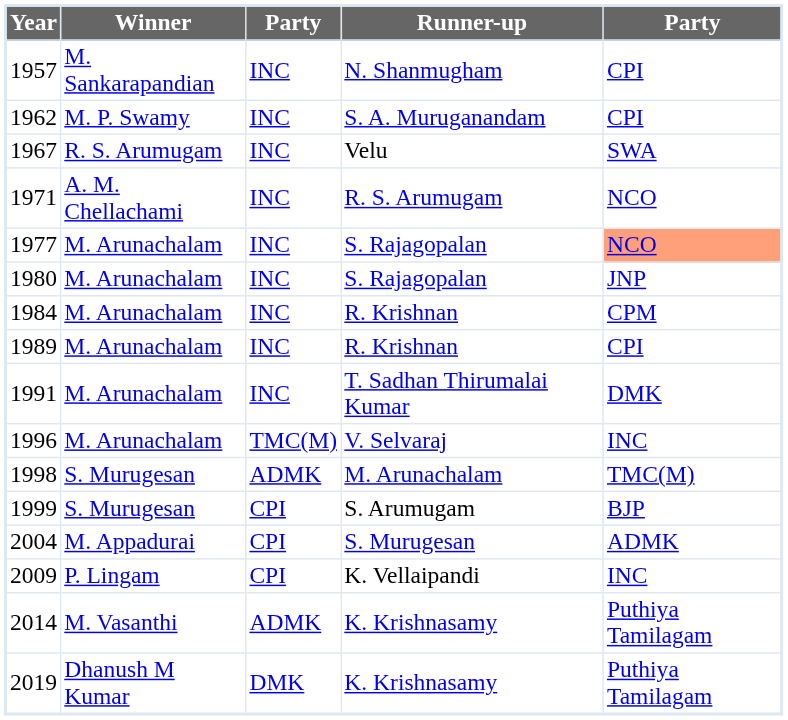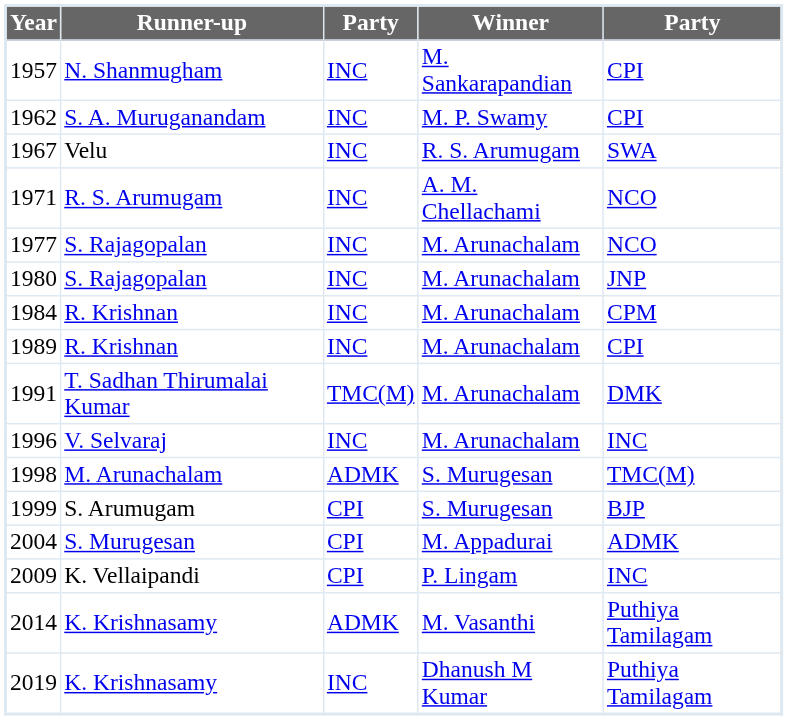 <table width="60%" cellpadding="2" cellspacing="0" border="1" style="border-collapse: collapse; border: 2px #DEE8F1 solid; font-size: x-big; font-family: verdana">
 <tr>
 <th style="background-color:#666666; color:white">Year</th>
+<th style="background-color:#666666; color:white">Runner-up</th>
+<th style="background-color:#666666; color:white">Party</th>
 <th style="background-color:#666666; color:white">Winner</th>
-<th style="background-color:#666666; color:white">Party</th>
-<th style="background-color:#666666; color:white">Runner-up</th>
 <th style="background-color:#666666; color:white">Party</th>
 </tr>
 <tr --->
 <td>1957</td>
+<td><a href='#'>N. Shanmugham</a></td>
+<td><a href='#'>INC</a></td>
 <td><a href='#'>M. Sankarapandian</a></td>
-<td><a href='#'>INC</a></td>
-<td><a href='#'>N. Shanmugham</a></td>
 <td><a href='#'>CPI</a></td>
 </tr>
 <tr --->
 <td>1962</td>
+<td><a href='#'>S. A. Muruganandam</a></td>
+<td><a href='#'>INC</a></td>
 <td><a href='#'>M. P. Swamy</a></td>
-<td><a href='#'>INC</a></td>
-<td><a href='#'>S. A. Muruganandam</a></td>
 <td><a href='#'>CPI</a></td>
 </tr>
 <tr --->
 <td>1967</td>
+<td>Velu</td>
+<td><a href='#'>INC</a></td>
 <td><a href='#'>R. S. Arumugam</a></td>
-<td><a href='#'>INC</a></td>
-<td>Velu</td>
 <td><a href='#'>SWA</a></td>
 </tr>
 <tr --->
 <td>1971</td>
+<td><a href='#'>R. S. Arumugam</a></td>
+<td><a href='#'>INC</a></td>
 <td><a href='#'>A. M. Chellachami</a></td>
-<td><a href='#'>INC</a></td>
-<td><a href='#'>R. S. Arumugam</a></td>
 <td><a href='#'>NCO</a></td>
 </tr>
 <tr --->
 <td>1977</td>
+<td><a href='#'>S. Rajagopalan</a></td>
+<td><a href='#'>INC</a></td>
 <td><a href='#'>M. Arunachalam</a></td>
-<td><a href='#'>INC</a></td>
-<td><a href='#'>S. Rajagopalan</a></td>
-<td style="background: lightsalmon;"><a href='#'>NCO</a></td>
+<td><a href='#'>NCO</a></td>
 </tr>
 <tr --->
 <td>1980</td>
+<td><a href='#'>S. Rajagopalan</a></td>
+<td><a href='#'>INC</a></td>
 <td><a href='#'>M. Arunachalam</a></td>
-<td><a href='#'>INC</a></td>
-<td><a href='#'>S. Rajagopalan</a></td>
 <td><a href='#'>JNP</a></td>
 </tr>
 <tr --->
 <td>1984</td>
+<td><a href='#'>R. Krishnan</a></td>
+<td><a href='#'>INC</a></td>
 <td><a href='#'>M. Arunachalam</a></td>
-<td><a href='#'>INC</a></td>
-<td><a href='#'>R. Krishnan</a></td>
 <td><a href='#'>CPM</a></td>
 </tr>
 <tr --->
 <td>1989</td>
+<td><a href='#'>R. Krishnan</a></td>
+<td><a href='#'>INC</a></td>
 <td><a href='#'>M. Arunachalam</a></td>
-<td><a href='#'>INC</a></td>
-<td><a href='#'>R. Krishnan</a></td>
 <td><a href='#'>CPI</a></td>
 </tr>
 <tr --->
 <td>1991</td>
+<td><a href='#'>T. Sadhan Thirumalai Kumar</a></td>
+<td><a href='#'>TMC(M)</a></td>
 <td><a href='#'>M. Arunachalam</a></td>
-<td><a href='#'>INC</a></td>
-<td><a href='#'>T. Sadhan Thirumalai Kumar</a></td>
 <td><a href='#'>DMK</a></td>
 </tr>
 <tr --->
 <td>1996</td>
+<td><a href='#'>V. Selvaraj</a></td>
+<td><a href='#'>INC</a></td>
 <td><a href='#'>M. Arunachalam</a></td>
-<td><a href='#'>TMC(M)</a></td>
-<td><a href='#'>V. Selvaraj</a></td>
 <td><a href='#'>INC</a></td>
 </tr>
 <tr --->
 <td>1998</td>
+<td><a href='#'>M. Arunachalam</a></td>
+<td><a href='#'>ADMK</a></td>
 <td><a href='#'>S. Murugesan</a></td>
-<td><a href='#'>ADMK</a></td>
-<td><a href='#'>M. Arunachalam</a></td>
 <td><a href='#'>TMC(M)</a></td>
 </tr>
 <tr --->
 <td>1999</td>
+<td>S. Arumugam</td>
+<td><a href='#'>CPI</a></td>
 <td><a href='#'>S. Murugesan</a></td>
-<td><a href='#'>CPI</a></td>
-<td>S. Arumugam</td>
 <td><a href='#'>BJP</a></td>
 </tr>
 <tr --->
 <td>2004</td>
+<td><a href='#'>S. Murugesan</a></td>
+<td><a href='#'>CPI</a></td>
 <td><a href='#'>M. Appadurai</a></td>
-<td><a href='#'>CPI</a></td>
-<td><a href='#'>S. Murugesan</a></td>
 <td><a href='#'>ADMK</a></td>
 </tr>
 <tr --->
 <td>2009</td>
+<td>K. Vellaipandi</td>
+<td><a href='#'>CPI</a></td>
 <td><a href='#'>P. Lingam</a></td>
-<td><a href='#'>CPI</a></td>
-<td>K. Vellaipandi</td>
 <td><a href='#'>INC</a></td>
 </tr>
 <tr --->
 <td>2014</td>
+<td><a href='#'>K. Krishnasamy</a></td>
+<td><a href='#'>ADMK</a></td>
 <td><a href='#'>M. Vasanthi</a></td>
-<td><a href='#'>ADMK</a></td>
-<td><a href='#'>K. Krishnasamy</a></td>
 <td><a href='#'>Puthiya Tamilagam</a></td>
 </tr>
 <tr --->
 <td>2019</td>
+<td><a href='#'>K. Krishnasamy</a></td>
+<td><a href='#'>INC</a></td>
 <td><a href='#'>Dhanush M Kumar</a></td>
-<td><a href='#'>DMK</a></td>
-<td><a href='#'>K. Krishnasamy</a></td>
 <td><a href='#'>Puthiya Tamilagam</a></td>
 </tr>
 </table>
